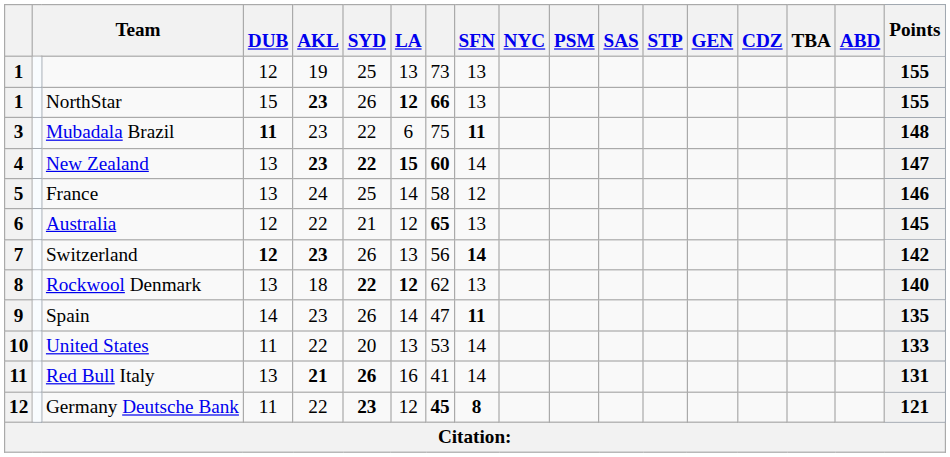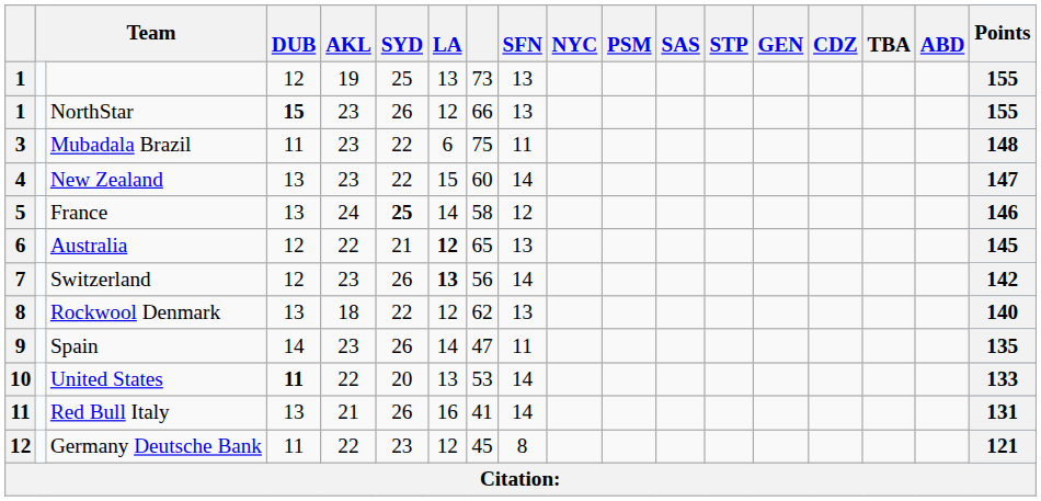 <table class="wikitable sortable" style=text-align:center>
 <tr>
 <th></th>
 <th colspan="2">Team</th>
 <th><br><a href='#'>DUB</a></th>
 <th><br><a href='#'>AKL</a></th>
 <th><br><a href='#'>SYD</a></th>
 <th><br><a href='#'>LA</a></th>
 <th></th>
 <th><br><a href='#'>SFN</a></th>
 <th><br><a href='#'>NYC</a></th>
 <th><br><a href='#'>PSM</a></th>
 <th><br><a href='#'>SAS</a></th>
 <th><br><a href='#'>STP</a></th>
 <th><br><a href='#'>GEN</a></th>
 <th><br><a href='#'>CDZ</a></th>
 <th><br>TBA</th>
 <th><br><a href='#'>ABD</a></th>
 <th style=" border:1px solid #a2a9b1; position:sticky; right: 0" nowrap="">Points</th>
 </tr>
 <tr>
 <th>1</th>
 <td style=" border:1px solid #a2a9b1; position:sticky; left: 0; background:#F8FCFF;"></td>
 <td align="left" nowrap=""></td>
 <td>12</td>
 <td>19</td>
 <td>25</td>
 <td>13</td>
 <td>73</td>
 <td>13</td>
 <td></td>
 <td></td>
 <td></td>
 <td></td>
 <td></td>
 <td></td>
 <td></td>
 <td></td>
 <th style=" border:1px solid #a2a9b1; position:sticky; right: 0" nowrap="">155</th>
 </tr>
 <tr>
 <th>1</th>
 <td style=" border:1px solid #a2a9b1; position:sticky; left: 0; background:#F8FCFF;"></td>
 <td align="left" nowrap="">NorthStar</td>
-<td>15</td>
-<td><strong>23</strong></td>
+<td><strong>15</strong></td>
+<td>23</td>
 <td>26</td>
-<td><strong>12</strong></td>
-<td><strong>66</strong></td>
+<td>12</td>
+<td>66</td>
 <td>13</td>
 <td></td>
 <td></td>
 <td></td>
 <td></td>
 <td></td>
 <td></td>
 <td></td>
 <td></td>
 <th style=" border:1px solid #a2a9b1; position:sticky; right: 0" nowrap="">155</th>
 </tr>
 <tr>
 <th>3</th>
 <td style=" border:1px solid #a2a9b1; position:sticky; left: 0; background:#F8FCFF;"></td>
 <td align="left" nowrap=""><a href='#'>Mubadala</a> Brazil</td>
-<td><strong>11</strong></td>
+<td>11</td>
 <td>23</td>
 <td>22</td>
 <td>6</td>
 <td>75</td>
-<td><strong>11</strong></td>
+<td>11</td>
 <td></td>
 <td></td>
 <td></td>
 <td></td>
 <td></td>
 <td></td>
 <td></td>
 <td></td>
 <th style=" border:1px solid #a2a9b1; position:sticky; right: 0" nowrap="">148</th>
 </tr>
 <tr>
 <th>4</th>
 <td style=" border:1px solid #a2a9b1; position:sticky; left: 0; background:#F8FCFF;"></td>
 <td align="left" nowrap=""><a href='#'>New Zealand</a></td>
 <td>13</td>
-<td><strong>23</strong></td>
-<td><strong>22</strong></td>
-<td><strong>15</strong></td>
-<td><strong>60</strong></td>
+<td>23</td>
+<td>22</td>
+<td>15</td>
+<td>60</td>
 <td>14</td>
 <td></td>
 <td></td>
 <td></td>
 <td></td>
 <td></td>
 <td></td>
 <td></td>
 <td></td>
 <th style=" border:1px solid #a2a9b1; position:sticky; right: 0" nowrap="">147</th>
 </tr>
 <tr>
 <th>5</th>
 <td style=" border:1px solid #a2a9b1; position:sticky; left: 0; background:#F8FCFF;"></td>
 <td align="left" nowrap="">France</td>
 <td>13</td>
 <td>24</td>
-<td>25</td>
+<td><strong>25</strong></td>
 <td>14</td>
 <td>58</td>
 <td>12</td>
 <td></td>
 <td></td>
 <td></td>
 <td></td>
 <td></td>
 <td></td>
 <td></td>
 <td></td>
 <th style=" border:1px solid #a2a9b1; position:sticky; right: 0" nowrap="">146</th>
 </tr>
 <tr>
 <th>6</th>
 <td style=" border:1px solid #a2a9b1; position:sticky; left: 0; background:#F8FCFF;"></td>
 <td align="left" nowrap=""><a href='#'>Australia</a></td>
 <td>12</td>
 <td>22</td>
 <td>21</td>
-<td>12</td>
-<td><strong>65</strong></td>
+<td><strong>12</strong></td>
+<td>65</td>
 <td>13</td>
 <td></td>
 <td></td>
 <td></td>
 <td></td>
 <td></td>
 <td></td>
 <td></td>
 <td></td>
 <th style=" border:1px solid #a2a9b1; position:sticky; right: 0" nowrap="">145</th>
 </tr>
 <tr>
 <th>7</th>
 <td style=" border:1px solid #a2a9b1; position:sticky; left: 0; background:#F8FCFF;"></td>
 <td align="left" nowrap="">Switzerland</td>
-<td><strong>12</strong></td>
-<td><strong>23</strong></td>
+<td>12</td>
+<td>23</td>
 <td>26</td>
-<td>13</td>
+<td><strong>13</strong></td>
 <td>56</td>
-<td><strong>14</strong></td>
+<td>14</td>
 <td></td>
 <td></td>
 <td></td>
 <td></td>
 <td></td>
 <td></td>
 <td></td>
 <td></td>
 <th style=" border:1px solid #a2a9b1; position:sticky; right: 0" nowrap="">142</th>
 </tr>
 <tr>
 <th>8</th>
 <td style=" border:1px solid #a2a9b1; position:sticky; left: 0; background:#F8FCFF;"></td>
 <td align="left" nowrap=""><a href='#'>Rockwool</a> Denmark</td>
 <td>13</td>
 <td>18</td>
-<td><strong>22</strong></td>
-<td><strong>12</strong></td>
+<td>22</td>
+<td>12</td>
 <td>62</td>
 <td>13</td>
 <td></td>
 <td></td>
 <td></td>
 <td></td>
 <td></td>
 <td></td>
 <td></td>
 <td></td>
 <th style=" border:1px solid #a2a9b1; position:sticky; right: 0" nowrap="">140</th>
 </tr>
 <tr>
 <th>9</th>
 <td style=" border:1px solid #a2a9b1; position:sticky; left: 0; background:#F8FCFF;"></td>
 <td align="left" nowrap="">Spain</td>
 <td>14</td>
 <td>23</td>
 <td>26</td>
 <td>14</td>
 <td>47</td>
-<td><strong>11</strong></td>
+<td>11</td>
 <td></td>
 <td></td>
 <td></td>
 <td></td>
 <td></td>
 <td></td>
 <td></td>
 <td></td>
 <th style=" border:1px solid #a2a9b1; position:sticky; right: 0" nowrap="">135</th>
 </tr>
 <tr>
 <th>10</th>
 <td style=" border:1px solid #a2a9b1; position:sticky; left: 0; background:#F8FCFF;"></td>
 <td align="left" nowrap=""><a href='#'>United States</a></td>
-<td>11</td>
+<td><strong>11</strong></td>
 <td>22</td>
 <td>20</td>
 <td>13</td>
 <td>53</td>
 <td>14</td>
 <td></td>
 <td></td>
 <td></td>
 <td></td>
 <td></td>
 <td></td>
 <td></td>
 <td></td>
 <th style=" border:1px solid #a2a9b1; position:sticky; right: 0" nowrap="">133</th>
 </tr>
 <tr>
 <th>11</th>
 <td style=" border:1px solid #a2a9b1; position:sticky; left: 0; background:#F8FCFF;"></td>
 <td align="left" nowrap=""><a href='#'>Red Bull</a> Italy</td>
 <td>13</td>
-<td><strong>21</strong></td>
-<td><strong>26</strong></td>
+<td>21</td>
+<td>26</td>
 <td>16</td>
 <td>41</td>
 <td>14</td>
 <td></td>
 <td></td>
 <td></td>
 <td></td>
 <td></td>
 <td></td>
 <td></td>
 <td></td>
 <th style=" border:1px solid #a2a9b1; position:sticky; right: 0" nowrap="">131</th>
 </tr>
 <tr>
 <th>12</th>
 <td style=" border:1px solid #a2a9b1; position:sticky; left: 0; background:#F8FCFF;"></td>
 <td align="left" nowrap="">Germany <a href='#'>Deutsche Bank</a></td>
 <td>11</td>
 <td>22</td>
-<td><strong>23</strong></td>
+<td>23</td>
 <td>12</td>
-<td><strong>45</strong></td>
-<td><strong>8</strong></td>
+<td>45</td>
+<td>8</td>
 <td></td>
 <td></td>
 <td></td>
 <td></td>
 <td></td>
 <td></td>
 <td></td>
 <td></td>
 <th style=" border:1px solid #a2a9b1; position:sticky; right: 0" nowrap="">121</th>
 </tr>
 <tr>
 <th colspan="18">Citation:</th>
 </tr>
 </table>
